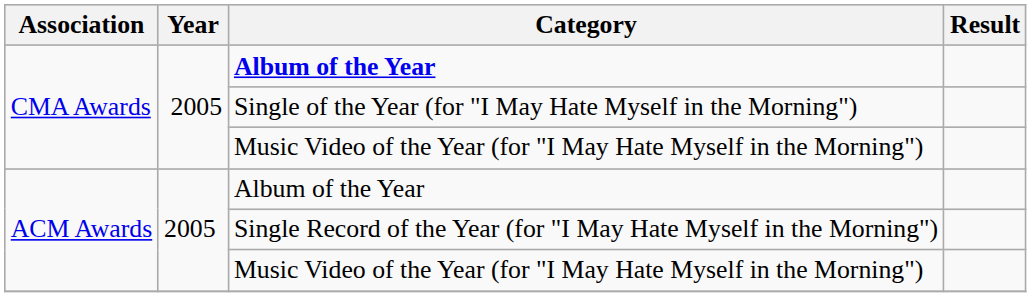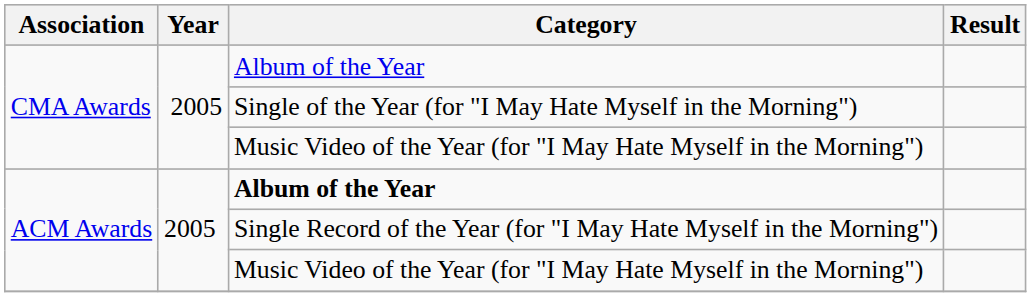 <table class="wikitable sortable plainrowheaders">
 <tr>
 <th>Association</th>
 <th>Year</th>
 <th>Category</th>
 <th>Result</th>
 </tr>
 <tr>
 <td rowspan=3><a href='#'>CMA Awards</a></td>
 <td rowspan=3> 2005</td>
-<td><strong><a href='#'>Album of the Year</a></strong></td>
+<td><a href='#'>Album of the Year</a></td>
 <td></td>
 </tr>
 <tr>
 <td>Single of the Year (for "I May Hate Myself in the Morning")</td>
 <td></td>
 </tr>
 <tr>
 <td>Music Video of the Year (for "I May Hate Myself in the Morning")</td>
 <td></td>
 </tr>
 <tr>
 <td rowspan=3><a href='#'>ACM Awards</a></td>
 <td rowspan=3>2005</td>
-<td>Album of the Year</td>
+<td><strong>Album of the Year</strong></td>
 <td></td>
 </tr>
 <tr>
 <td>Single Record of the Year (for "I May Hate Myself in the Morning")</td>
 <td></td>
 </tr>
 <tr>
 <td>Music Video of the Year (for "I May Hate Myself in the Morning")</td>
 <td></td>
 </tr>
 <tr>
 </tr>
 </table>
